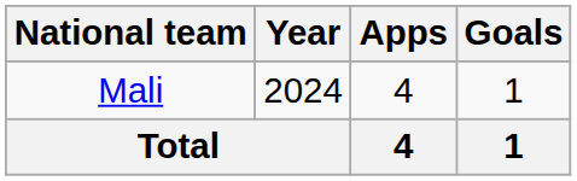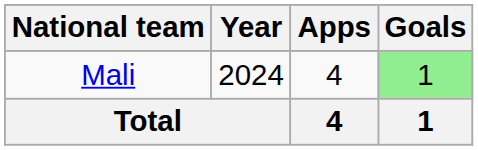 <table class="wikitable" style="text-align: center;">
 <tr>
 <th>National team</th>
 <th>Year</th>
 <th>Apps</th>
 <th>Goals</th>
 </tr>
 <tr>
 <td><a href='#'>Mali</a></td>
 <td>2024</td>
 <td>4</td>
-<td>1</td>
+<td style="background: lightgreen;">1</td>
 </tr>
 <tr>
 <th colspan="2">Total</th>
 <th>4</th>
 <th>1</th>
 </tr>
 </table>
